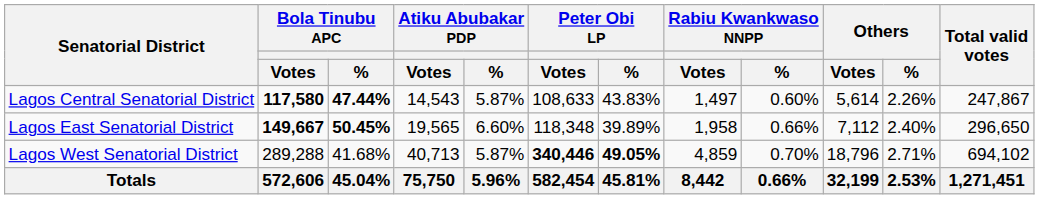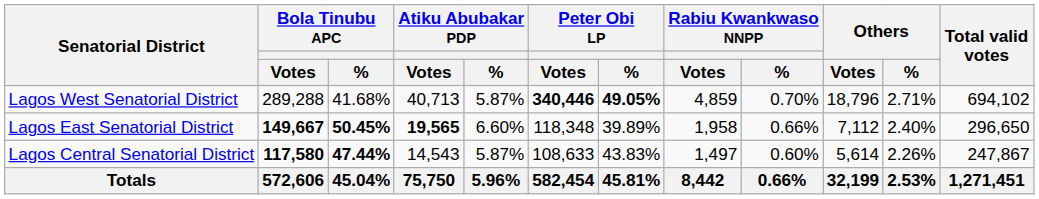 <table class="wikitable sortable" style="text-align:right; font-size:90%">
 <tr>
 <th rowspan="3" style="max-width:7.5em;">Senatorial District</th>
 <th colspan="2"><a href='#'>Bola Tinubu</a><br><small>APC</small></th>
 <th colspan="2"><a href='#'>Atiku Abubakar</a><br><small>PDP</small></th>
 <th colspan="2"><a href='#'>Peter Obi</a><br><small>LP</small></th>
 <th colspan="2"><a href='#'>Rabiu Kwankwaso</a><br><small>NNPP</small></th>
 <th colspan="2" rowspan="2">Others</th>
 <th rowspan="3" style="max-width:5em;">Total valid votes</th>
 </tr>
 <tr>
 <th colspan=2 style="background-color:"></th>
 <th colspan=2 style="background-color:"></th>
 <th colspan=2 style="background-color:"></th>
 <th colspan=2 style="background-color:"></th>
 </tr>
 <tr>
 <th>Votes</th>
 <th>%</th>
 <th>Votes</th>
 <th>%</th>
 <th>Votes</th>
 <th>%</th>
 <th>Votes</th>
 <th>%</th>
 <th>Votes</th>
 <th>%</th>
 </tr>
 <tr style="background-color:#">
+<td style="text-align:left;"><a href='#'>Lagos West Senatorial District</a></td>
+<td>289,288</td>
+<td>41.68%</td>
+<td>40,713</td>
+<td>5.87%</td>
+<td><strong>340,446</strong></td>
+<td><strong>49.05%</strong></td>
+<td>4,859</td>
+<td>0.70%</td>
+<td>18,796</td>
+<td>2.71%</td>
+<td>694,102</td>
+</tr>
+<tr style="background-color:#">
+<td style="text-align:left;"><a href='#'>Lagos East Senatorial District</a></td>
+<td><strong>149,667</strong></td>
+<td><strong>50.45%</strong></td>
+<td><strong>19,565</strong></td>
+<td>6.60%</td>
+<td>118,348</td>
+<td>39.89%</td>
+<td>1,958</td>
+<td>0.66%</td>
+<td>7,112</td>
+<td>2.40%</td>
+<td>296,650</td>
+</tr>
+<tr style="background-color:#">
 <td style="text-align:left;"><a href='#'>Lagos Central Senatorial District</a></td>
 <td><strong>117,580</strong></td>
 <td><strong>47.44%</strong></td>
 <td>14,543</td>
 <td>5.87%</td>
 <td>108,633</td>
 <td>43.83%</td>
 <td>1,497</td>
 <td>0.60%</td>
 <td>5,614</td>
 <td>2.26%</td>
 <td>247,867</td>
-</tr>
-<tr style="background-color:#">
-<td style="text-align:left;"><a href='#'>Lagos East Senatorial District</a></td>
-<td><strong>149,667</strong></td>
-<td><strong>50.45%</strong></td>
-<td>19,565</td>
-<td>6.60%</td>
-<td>118,348</td>
-<td>39.89%</td>
-<td>1,958</td>
-<td>0.66%</td>
-<td>7,112</td>
-<td>2.40%</td>
-<td>296,650</td>
-</tr>
-<tr style="background-color:#">
-<td style="text-align:left;"><a href='#'>Lagos West Senatorial District</a></td>
-<td>289,288</td>
-<td>41.68%</td>
-<td>40,713</td>
-<td>5.87%</td>
-<td><strong>340,446</strong></td>
-<td><strong>49.05%</strong></td>
-<td>4,859</td>
-<td>0.70%</td>
-<td>18,796</td>
-<td>2.71%</td>
-<td>694,102</td>
 </tr>
 <tr>
 <th>Totals</th>
 <th>572,606</th>
 <th>45.04%</th>
 <th>75,750</th>
 <th>5.96%</th>
 <th>582,454</th>
 <th>45.81%</th>
 <th>8,442</th>
 <th>0.66%</th>
 <th>32,199</th>
 <th>2.53%</th>
 <th>1,271,451</th>
 </tr>
 </table>
